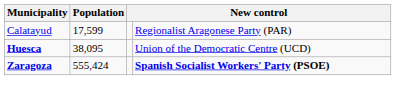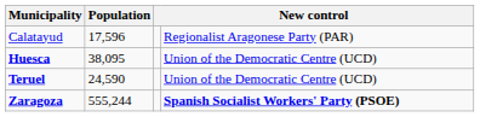 <table class="wikitable sortable">
 <tr>
 <th>Municipality</th>
 <th>Population</th>
 <th colspan="2" style="width:375px;">New control</th>
 </tr>
 <tr>
 <td><a href='#'>Calatayud</a></td>
-<td>17,599</td>
+<td>17,596</td>
 <td width="1" style="color:inherit;background:"></td>
 <td><a href='#'>Regionalist Aragonese Party</a> (PAR)</td>
 </tr>
 <tr>
 <td><strong><a href='#'>Huesca</a></strong></td>
 <td>38,095</td>
 <td style="color:inherit;background:"></td>
 <td><a href='#'>Union of the Democratic Centre</a> (UCD)</td>
 </tr>
 <tr>
+<td><strong><a href='#'>Teruel</a></strong></td>
+<td>24,590</td>
+<td style="color:inherit;background:"></td>
+<td><a href='#'>Union of the Democratic Centre</a> (UCD)</td>
+</tr>
+<tr>
 <td><strong><a href='#'>Zaragoza</a></strong></td>
-<td>555,424</td>
+<td>555,244</td>
 <td style="color:inherit;background:"></td>
 <td><strong><a href='#'>Spanish Socialist Workers' Party</a> (PSOE)</strong></td>
 </tr>
 </table>
